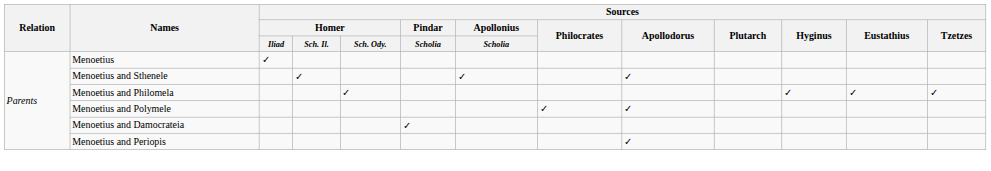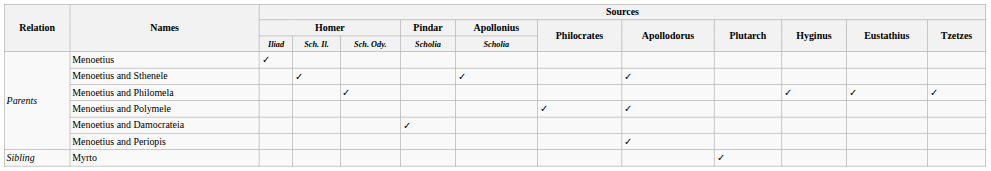 <table class="wikitable mw-collapsible mw-collapsed" style="width:100%;">
 <tr>
 <th rowspan="3">Relation</th>
 <th rowspan="3">Names</th>
 <th colspan="11">Sources</th>
 </tr>
 <tr>
 <th colspan="3">Homer</th>
 <th>Pindar</th>
 <th>Apollonius</th>
 <th rowspan="2">Philocrates</th>
 <th rowspan="2">Apollodorus</th>
 <th rowspan="2">Plutarch</th>
 <th rowspan="2">Hyginus</th>
 <th rowspan="2">Eustathius</th>
 <th rowspan="2">Tzetzes</th>
 </tr>
 <tr>
 <th><em><small>Iliad</small></em></th>
 <th><em><small>Sch. Il.</small></em></th>
 <th><em><small>Sch. Ody.</small></em></th>
 <th><em><small>Scholia</small></em></th>
 <th><em><small>Scholia</small></em></th>
 </tr>
 <tr>
 <td rowspan="6"><em>Parents</em></td>
 <td>Menoetius</td>
 <td>✓</td>
 <td></td>
 <td></td>
 <td></td>
 <td></td>
 <td></td>
 <td></td>
 <td></td>
 <td></td>
 <td></td>
 <td></td>
 </tr>
 <tr>
 <td>Menoetius and Sthenele</td>
 <td></td>
 <td>✓</td>
 <td></td>
 <td></td>
 <td>✓</td>
 <td></td>
 <td>✓</td>
 <td></td>
 <td></td>
 <td></td>
 <td></td>
 </tr>
 <tr>
 <td>Menoetius and Philomela<br></td>
 <td></td>
 <td></td>
 <td>✓</td>
 <td></td>
 <td></td>
 <td></td>
 <td></td>
 <td></td>
 <td>✓</td>
 <td>✓</td>
 <td>✓</td>
 </tr>
 <tr>
 <td>Menoetius and Polymele</td>
 <td></td>
 <td></td>
 <td></td>
 <td></td>
 <td></td>
 <td>✓</td>
 <td>✓</td>
 <td></td>
 <td></td>
 <td></td>
 <td></td>
 </tr>
 <tr>
 <td>Menoetius and Damocrateia</td>
 <td></td>
 <td></td>
 <td></td>
 <td>✓</td>
 <td></td>
 <td></td>
 <td></td>
 <td></td>
 <td></td>
 <td></td>
 <td></td>
 </tr>
 <tr>
 <td>Menoetius and Periopis</td>
 <td></td>
 <td></td>
 <td></td>
 <td></td>
 <td></td>
 <td></td>
 <td>✓</td>
 <td></td>
 <td></td>
 <td></td>
 <td></td>
 </tr>
+<tr>
+<td><em>Sibling</em></td>
+<td>Myrto</td>
+<td></td>
+<td></td>
+<td></td>
+<td></td>
+<td></td>
+<td></td>
+<td></td>
+<td>✓</td>
+<td></td>
+<td></td>
+<td></td>
+</tr>
 </table>
